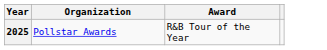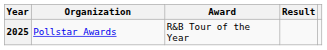 <table class="wikitable sortable plainrowheaders">
 <tr>
 <th scope="col" style="width:2em;">Year</th>
 <th scope="col" style="width:14em;">Organization</th>
 <th scope="col" style="width:12em;">Award</th>
+<th scope="col">Result</th>
 <th scope="col" class="unsortable"></th>
 </tr>
 <tr>
 <th scope="row">2025</th>
 <td><a href='#'>Pollstar Awards</a></td>
 <td>R&B Tour of the Year</td>
+<td></td>
 <td style="text-align:center;"></td>
 </tr>
 </table>
